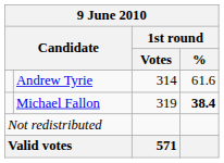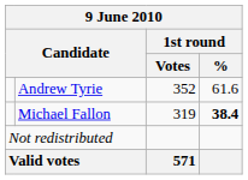 <table class="wikitable" style="min-width:250px">
 <tr>
 <th colspan="4">9 June 2010</th>
 </tr>
 <tr>
 <th colspan="2" rowspan="2">Candidate</th>
 <th colspan="2">1st round</th>
 </tr>
 <tr>
 <th>Votes</th>
 <th>%</th>
 </tr>
 <tr>
 <td style="color:inherit;background-color: "></td>
 <td><a href='#'>Andrew Tyrie</a></td>
-<td align="right">314</td>
+<td align="right">352</td>
 <td align="right">61.6</td>
 </tr>
 <tr>
 <td style="color:inherit;background-color: "></td>
 <td><a href='#'>Michael Fallon</a></td>
 <td align="right">319</td>
 <td align="right"><strong>38.4</strong></td>
 </tr>
 <tr>
 <td colspan="2"><em>Not redistributed</em></td>
 <td align="right"></td>
 <td align="right"></td>
 </tr>
 <tr>
 <th style="text-align:left;" colspan="2"><strong>Valid votes</strong></th>
 <th style="text-align:right;">571</th>
 <th style="text-align:right;"></th>
 </tr>
 </table>
